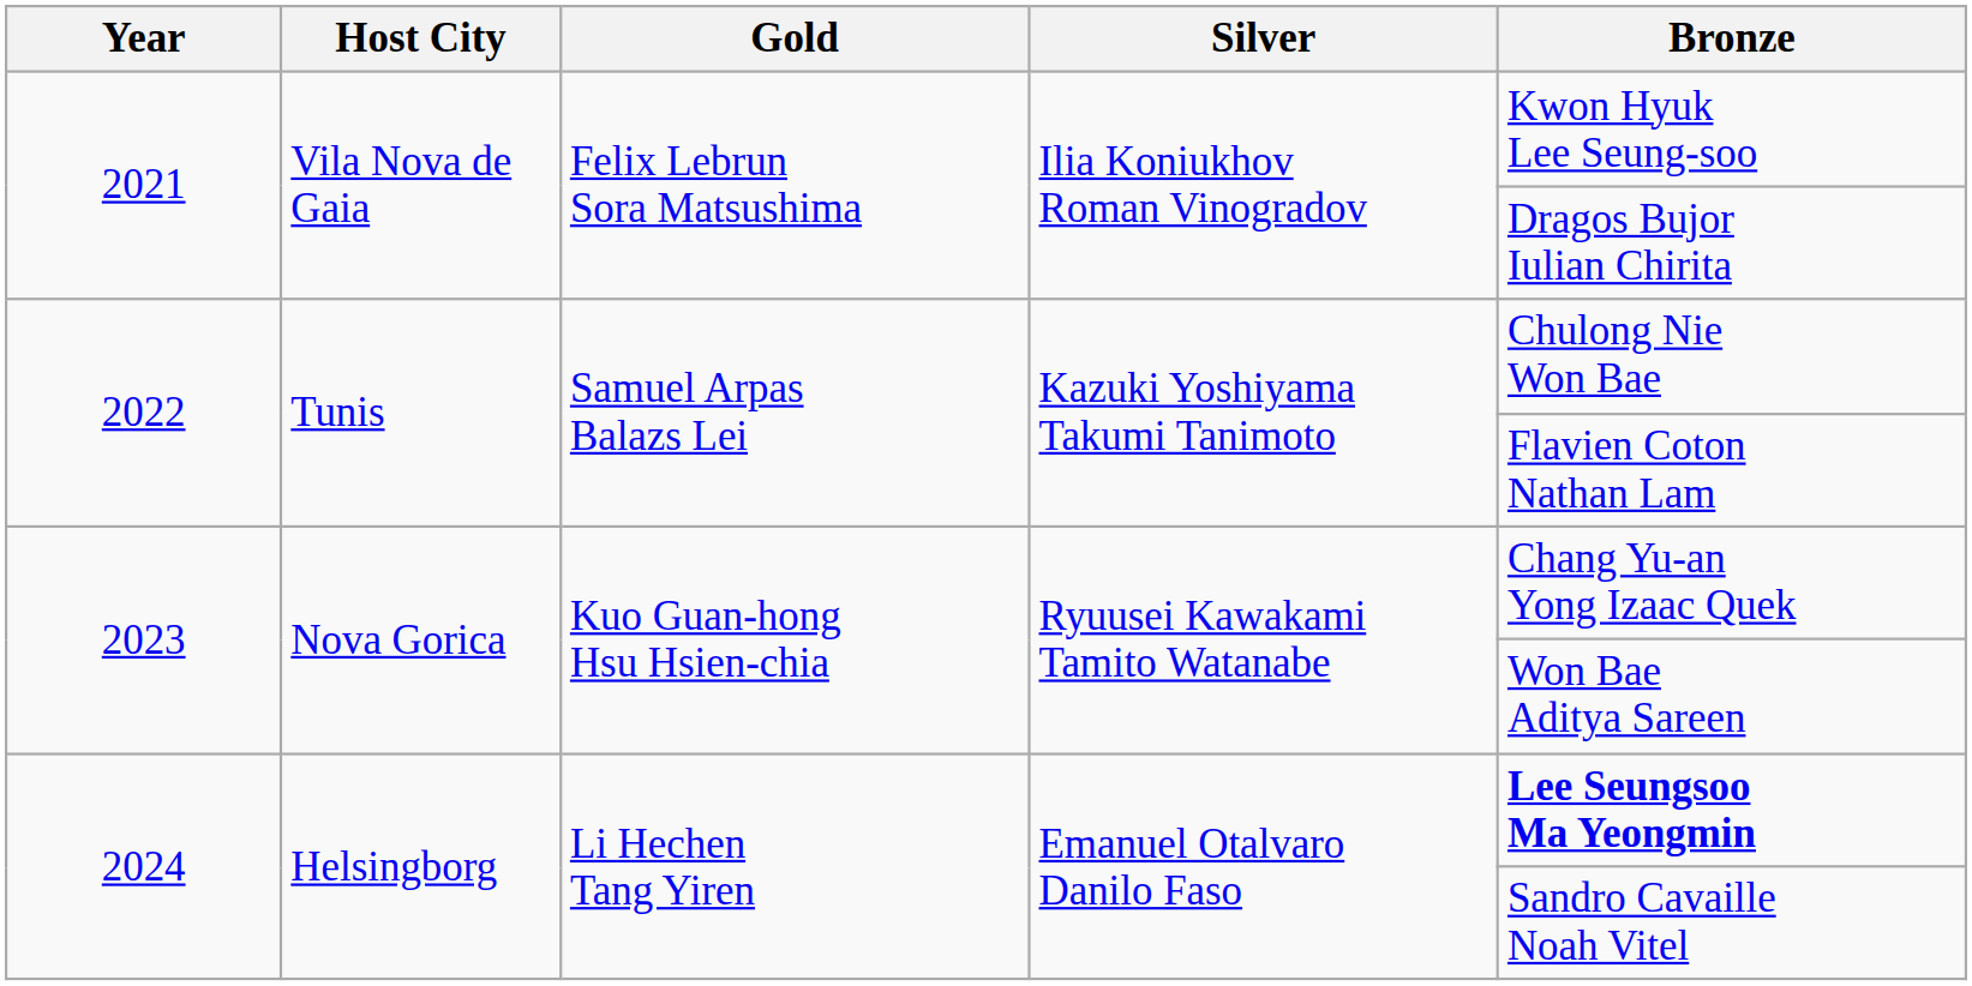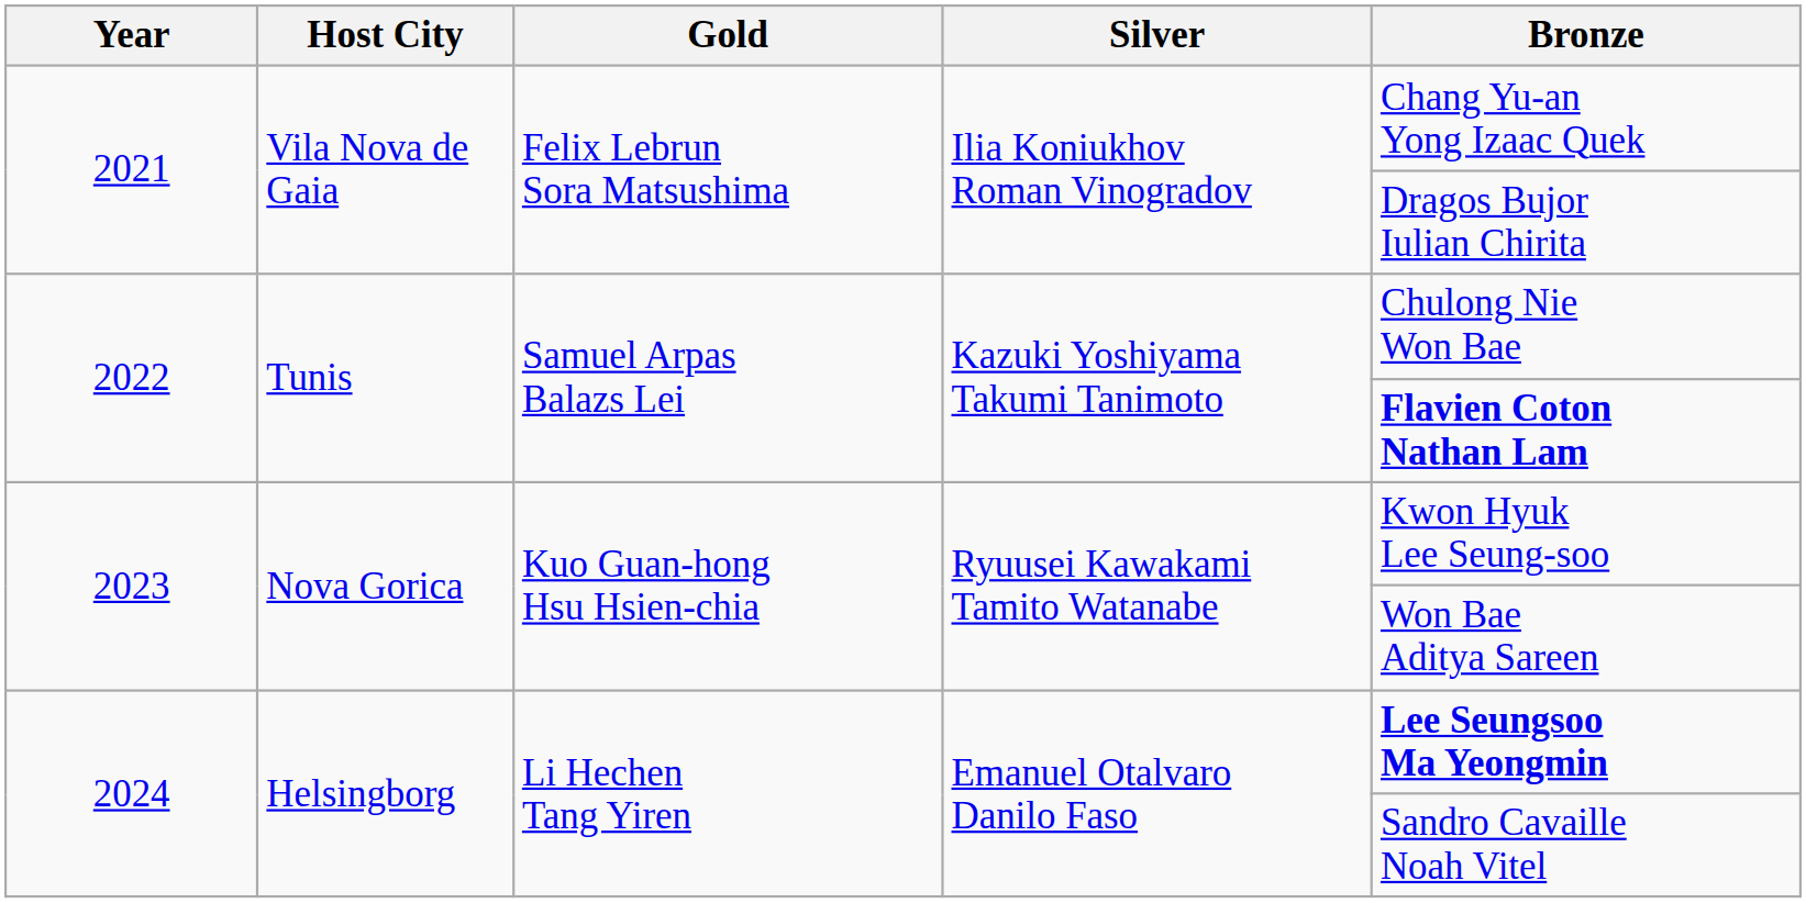 <table class="wikitable" style="text-align: left; width: 750px;">
 <tr>
 <th width="100">Year</th>
 <th width="100">Host City</th>
 <th width="175">Gold</th>
 <th width="175">Silver</th>
 <th width="175">Bronze</th>
 </tr>
 <tr>
 <td rowspan="2" style="text-align: center;"><a href='#'>2021</a></td>
 <td rowspan="2"><a href='#'>Vila Nova de Gaia</a></td>
 <td rowspan="2"> <a href='#'>Felix Lebrun</a><br> <a href='#'>Sora Matsushima</a></td>
 <td rowspan="2"> <a href='#'>Ilia Koniukhov</a><br> <a href='#'>Roman Vinogradov</a></td>
-<td> <a href='#'>Kwon Hyuk</a><br> <a href='#'>Lee Seung-soo</a></td>
+<td> <a href='#'>Chang Yu-an</a><br> <a href='#'>Yong Izaac Quek</a></td>
 </tr>
 <tr>
 <td> <a href='#'>Dragos Bujor</a><br> <a href='#'>Iulian Chirita</a></td>
 </tr>
 <tr>
 <td rowspan="2" style="text-align: center;"><a href='#'>2022</a></td>
 <td rowspan="2"><a href='#'>Tunis</a></td>
 <td rowspan="2"> <a href='#'>Samuel Arpas</a><br> <a href='#'>Balazs Lei</a></td>
 <td rowspan="2"> <a href='#'>Kazuki Yoshiyama</a><br> <a href='#'>Takumi Tanimoto</a></td>
 <td> <a href='#'>Chulong Nie</a><br> <a href='#'>Won Bae</a></td>
 </tr>
 <tr>
-<td> <a href='#'>Flavien Coton</a><br> <a href='#'>Nathan Lam</a></td>
+<td><strong> <a href='#'>Flavien Coton</a><br> <a href='#'>Nathan Lam</a></strong></td>
 </tr>
 <tr>
 <td rowspan="2" style="text-align: center;"><a href='#'>2023</a></td>
 <td rowspan="2"><a href='#'>Nova Gorica</a></td>
 <td rowspan=2> <a href='#'>Kuo Guan-hong</a><br> <a href='#'>Hsu Hsien-chia</a></td>
 <td rowspan=2> <a href='#'>Ryuusei Kawakami</a><br> <a href='#'>Tamito Watanabe</a></td>
-<td> <a href='#'>Chang Yu-an</a><br> <a href='#'>Yong Izaac Quek</a></td>
+<td> <a href='#'>Kwon Hyuk</a><br> <a href='#'>Lee Seung-soo</a></td>
 </tr>
 <tr>
 <td> <a href='#'>Won Bae</a><br> <a href='#'>Aditya Sareen</a></td>
 </tr>
 <tr>
 <td rowspan=2 style="text-align: center;"><a href='#'>2024</a></td>
 <td rowspan=2><a href='#'>Helsingborg</a></td>
 <td rowspan=2> <a href='#'>Li Hechen</a><br> <a href='#'>Tang Yiren</a></td>
 <td rowspan=2> <a href='#'>Emanuel Otalvaro</a><br> <a href='#'>Danilo Faso</a></td>
 <td><strong> <a href='#'>Lee Seungsoo</a><br> <a href='#'>Ma Yeongmin</a></strong></td>
 </tr>
 <tr>
 <td> <a href='#'>Sandro Cavaille</a><br> <a href='#'>Noah Vitel</a></td>
 </tr>
 </table>
